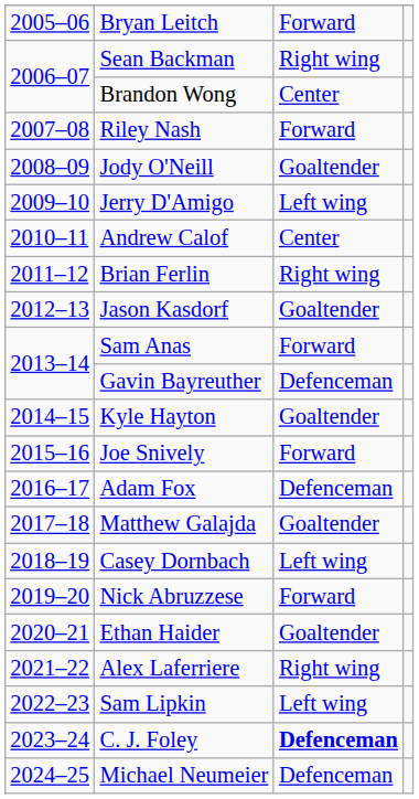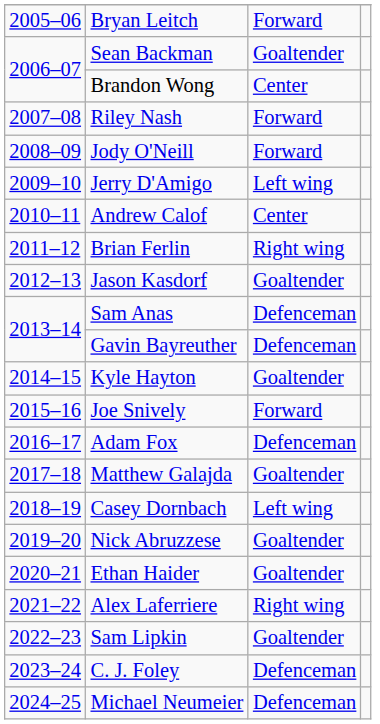 <table class="wikitable sortable">
 <tr>
 </tr>
 <tr>
 <td><a href='#'>2005–06</a></td>
 <td><a href='#'>Bryan Leitch</a></td>
 <td><a href='#'>Forward</a></td>
 <td><strong><a href='#'></a></strong></td>
 </tr>
 <tr>
 <td rowspan=2><a href='#'>2006–07</a></td>
 <td><a href='#'>Sean Backman</a></td>
-<td><a href='#'>Right wing</a></td>
+<td><a href='#'>Goaltender</a></td>
 <td><strong><a href='#'></a></strong></td>
 </tr>
 <tr>
 <td>Brandon Wong</td>
 <td><a href='#'>Center</a></td>
 <td><strong><a href='#'></a></strong></td>
 </tr>
 <tr>
 <td><a href='#'>2007–08</a></td>
 <td><a href='#'>Riley Nash</a></td>
 <td><a href='#'>Forward</a></td>
 <td><strong><a href='#'></a></strong></td>
 </tr>
 <tr>
 <td><a href='#'>2008–09</a></td>
 <td><a href='#'>Jody O'Neill</a></td>
-<td><a href='#'>Goaltender</a></td>
+<td><a href='#'>Forward</a></td>
 <td><strong><a href='#'></a></strong></td>
 </tr>
 <tr>
 <td><a href='#'>2009–10</a></td>
 <td><a href='#'>Jerry D'Amigo</a></td>
 <td><a href='#'>Left wing</a></td>
 <td><strong><a href='#'></a></strong></td>
 </tr>
 <tr>
 <td><a href='#'>2010–11</a></td>
 <td><a href='#'>Andrew Calof</a></td>
 <td><a href='#'>Center</a></td>
 <td><strong><a href='#'></a></strong></td>
 </tr>
 <tr>
 <td><a href='#'>2011–12</a></td>
 <td><a href='#'>Brian Ferlin</a></td>
 <td><a href='#'>Right wing</a></td>
 <td><strong><a href='#'></a></strong></td>
 </tr>
 <tr>
 <td><a href='#'>2012–13</a></td>
 <td><a href='#'>Jason Kasdorf</a></td>
 <td><a href='#'>Goaltender</a></td>
 <td><strong><a href='#'></a></strong></td>
 </tr>
 <tr>
 <td rowspan=2><a href='#'>2013–14</a></td>
 <td><a href='#'>Sam Anas</a></td>
-<td><a href='#'>Forward</a></td>
+<td><a href='#'>Defenceman</a></td>
 <td><strong><a href='#'></a></strong></td>
 </tr>
 <tr>
 <td><a href='#'>Gavin Bayreuther</a></td>
 <td><a href='#'>Defenceman</a></td>
 <td><strong><a href='#'></a></strong></td>
 </tr>
 <tr>
 <td><a href='#'>2014–15</a></td>
 <td><a href='#'>Kyle Hayton</a></td>
 <td><a href='#'>Goaltender</a></td>
 <td><strong><a href='#'></a></strong></td>
 </tr>
 <tr>
 <td><a href='#'>2015–16</a></td>
 <td><a href='#'>Joe Snively</a></td>
 <td><a href='#'>Forward</a></td>
 <td><strong><a href='#'></a></strong></td>
 </tr>
 <tr>
 <td><a href='#'>2016–17</a></td>
 <td><a href='#'>Adam Fox</a></td>
 <td><a href='#'>Defenceman</a></td>
 <td><strong><a href='#'></a></strong></td>
 </tr>
 <tr>
 <td><a href='#'>2017–18</a></td>
 <td><a href='#'>Matthew Galajda</a></td>
 <td><a href='#'>Goaltender</a></td>
 <td><strong><a href='#'></a></strong></td>
 </tr>
 <tr>
 <td><a href='#'>2018–19</a></td>
 <td><a href='#'>Casey Dornbach</a></td>
 <td><a href='#'>Left wing</a></td>
 <td><strong><a href='#'></a></strong></td>
 </tr>
 <tr>
 <td><a href='#'>2019–20</a></td>
 <td><a href='#'>Nick Abruzzese</a></td>
-<td><a href='#'>Forward</a></td>
+<td><a href='#'>Goaltender</a></td>
 <td><strong><a href='#'></a></strong></td>
 </tr>
 <tr>
 <td><a href='#'>2020–21</a></td>
 <td><a href='#'>Ethan Haider</a></td>
 <td><a href='#'>Goaltender</a></td>
 <td><strong><a href='#'></a></strong></td>
 </tr>
 <tr>
 <td><a href='#'>2021–22</a></td>
 <td><a href='#'>Alex Laferriere</a></td>
 <td><a href='#'>Right wing</a></td>
 <td><strong><a href='#'></a></strong></td>
 </tr>
 <tr>
 <td><a href='#'>2022–23</a></td>
 <td><a href='#'>Sam Lipkin</a></td>
-<td><a href='#'>Left wing</a></td>
+<td><a href='#'>Goaltender</a></td>
 <td><strong><a href='#'></a></strong></td>
 </tr>
 <tr>
 <td><a href='#'>2023–24</a></td>
 <td><a href='#'>C. J. Foley</a></td>
-<td><strong><a href='#'>Defenceman</a></strong></td>
+<td><a href='#'>Defenceman</a></td>
 <td><strong><a href='#'></a></strong></td>
 </tr>
 <tr>
 <td><a href='#'>2024–25</a></td>
 <td><a href='#'>Michael Neumeier</a></td>
 <td><a href='#'>Defenceman</a></td>
 <td><strong><a href='#'></a></strong></td>
 </tr>
 </table>
